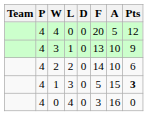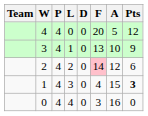 <table class="wikitable" style="text-align:center">
 <tr>
 <th>Team</th>
+<th>W</th>
 <th>P</th>
-<th>W</th>
 <th>L</th>
 <th>D</th>
 <th>F</th>
 <th>A</th>
 <th>Pts</th>
 </tr>
 <tr bgcolor="#ccffcc">
 <td align=left><strong></strong></td>
 <td>4</td>
 <td>4</td>
 <td>0</td>
 <td>0</td>
 <td>20</td>
 <td>5</td>
 <td>12</td>
 </tr>
 <tr bgcolor="#ccffcc">
 <td align=left><strong></strong></td>
+<td>3</td>
 <td>4</td>
-<td>3</td>
 <td>1</td>
 <td>0</td>
 <td>13</td>
 <td>10</td>
 <td>9</td>
 </tr>
 <tr>
 <td align=left></td>
+<td>2</td>
 <td>4</td>
 <td>2</td>
-<td>2</td>
 <td>0</td>
-<td>14</td>
-<td>10</td>
+<td style="background: pink;">14</td>
+<td>12</td>
 <td>6</td>
 </tr>
 <tr>
 <td align=left></td>
+<td>1</td>
 <td>4</td>
-<td>1</td>
 <td>3</td>
 <td>0</td>
-<td>5</td>
+<td>4</td>
 <td>15</td>
 <td><strong>3</strong></td>
 </tr>
 <tr>
 <td align=left></td>
+<td>0</td>
 <td>4</td>
-<td>0</td>
 <td>4</td>
 <td>0</td>
 <td>3</td>
 <td>16</td>
 <td>0</td>
 </tr>
 </table>
